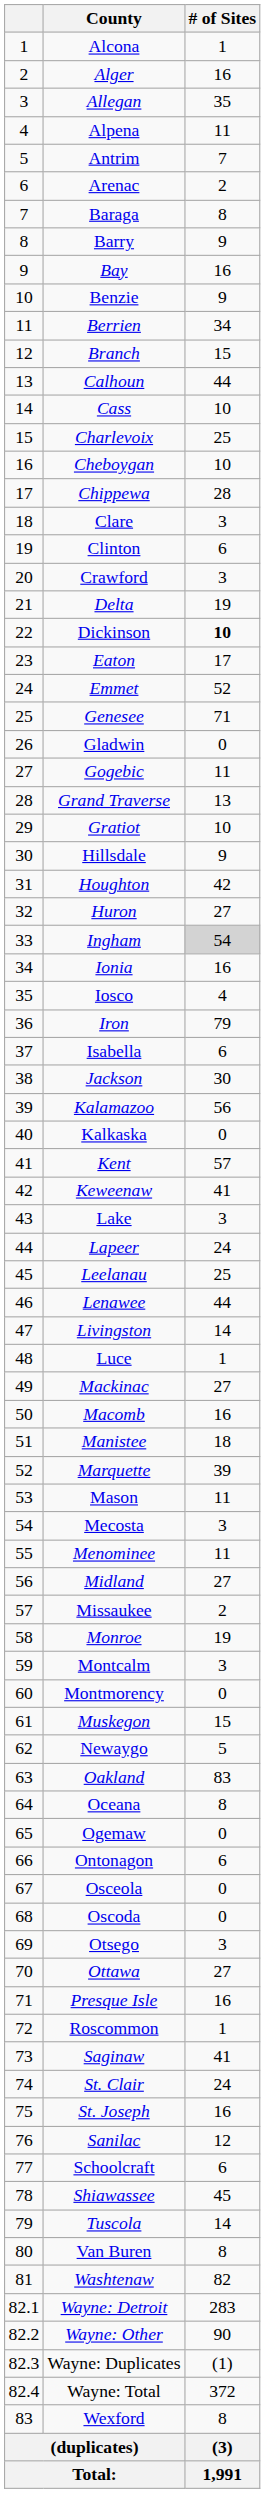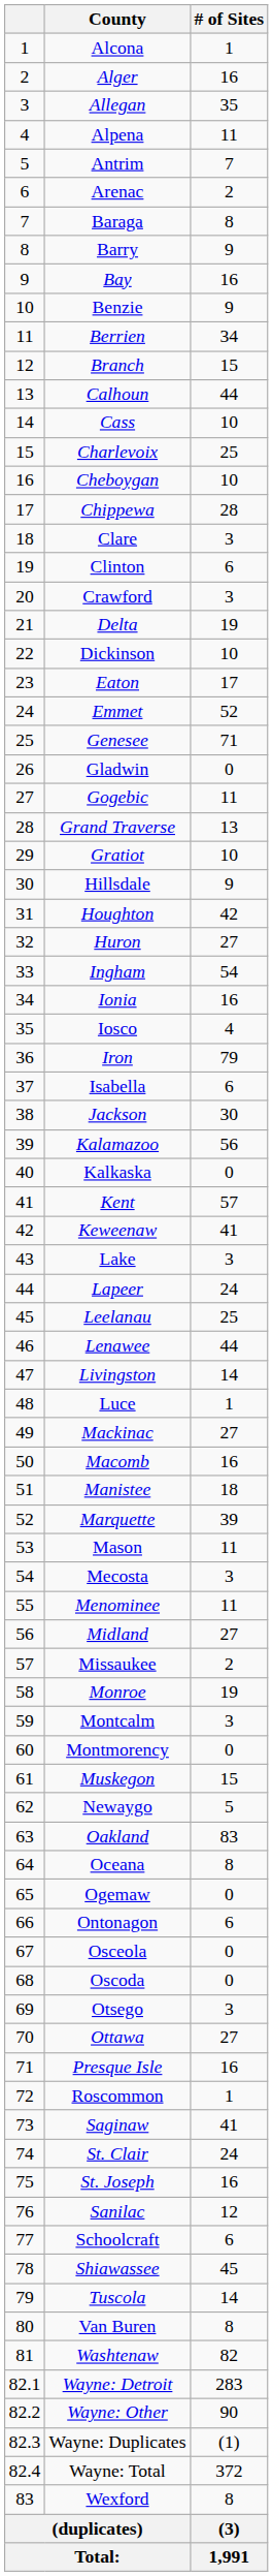 <table class="wikitable sortable" style="text-align: center">
 <tr>
 <th></th>
 <th>County</th>
 <th># of Sites</th>
 </tr>
 <tr ->
 <td>1</td>
 <td><a href='#'>Alcona</a></td>
 <td>1</td>
 </tr>
 <tr ->
 <td>2</td>
 <td><em><a href='#'>Alger</a></em></td>
 <td>16</td>
 </tr>
 <tr ->
 <td>3</td>
 <td><em><a href='#'>Allegan</a></em></td>
 <td>35</td>
 </tr>
 <tr ->
 <td>4</td>
 <td><a href='#'>Alpena</a></td>
 <td>11</td>
 </tr>
 <tr ->
 <td>5</td>
 <td><a href='#'>Antrim</a></td>
 <td>7</td>
 </tr>
 <tr ->
 <td>6</td>
 <td><a href='#'>Arenac</a></td>
 <td>2</td>
 </tr>
 <tr ->
 <td>7</td>
 <td><a href='#'>Baraga</a></td>
 <td>8</td>
 </tr>
 <tr ->
 <td>8</td>
 <td><a href='#'>Barry</a></td>
 <td>9</td>
 </tr>
 <tr ->
 <td>9</td>
 <td><em><a href='#'>Bay</a></em></td>
 <td>16</td>
 </tr>
 <tr ->
 <td>10</td>
 <td><a href='#'>Benzie</a></td>
 <td>9</td>
 </tr>
 <tr ->
 <td>11</td>
 <td><em><a href='#'>Berrien</a></em></td>
 <td>34</td>
 </tr>
 <tr ->
 <td>12</td>
 <td><em><a href='#'>Branch</a></em></td>
 <td>15</td>
 </tr>
 <tr ->
 <td>13</td>
 <td><em><a href='#'>Calhoun</a></em></td>
 <td>44</td>
 </tr>
 <tr ->
 <td>14</td>
 <td><em><a href='#'>Cass</a></em></td>
 <td>10</td>
 </tr>
 <tr ->
 <td>15</td>
 <td><em><a href='#'>Charlevoix</a></em></td>
 <td>25</td>
 </tr>
 <tr ->
 <td>16</td>
 <td><em><a href='#'>Cheboygan</a></em></td>
 <td>10</td>
 </tr>
 <tr ->
 <td>17</td>
 <td><em><a href='#'>Chippewa</a></em></td>
 <td>28</td>
 </tr>
 <tr ->
 <td>18</td>
 <td><a href='#'>Clare</a></td>
 <td>3</td>
 </tr>
 <tr ->
 <td>19</td>
 <td><a href='#'>Clinton</a></td>
 <td>6</td>
 </tr>
 <tr ->
 <td>20</td>
 <td><a href='#'>Crawford</a></td>
 <td>3</td>
 </tr>
 <tr ->
 <td>21</td>
 <td><em><a href='#'>Delta</a></em></td>
 <td>19</td>
 </tr>
 <tr ->
 <td>22</td>
 <td><a href='#'>Dickinson</a></td>
-<td><strong>10</strong></td>
+<td>10</td>
 </tr>
 <tr ->
 <td>23</td>
 <td><em><a href='#'>Eaton</a></em></td>
 <td>17</td>
 </tr>
 <tr ->
 <td>24</td>
 <td><em><a href='#'>Emmet</a></em></td>
 <td>52</td>
 </tr>
 <tr ->
 <td>25</td>
 <td><em><a href='#'>Genesee</a></em></td>
 <td>71</td>
 </tr>
 <tr ->
 <td>26</td>
 <td><a href='#'>Gladwin</a></td>
 <td>0</td>
 </tr>
 <tr ->
 <td>27</td>
 <td><em><a href='#'>Gogebic</a></em></td>
 <td>11</td>
 </tr>
 <tr ->
 <td>28</td>
 <td><em><a href='#'>Grand Traverse</a></em></td>
 <td>13</td>
 </tr>
 <tr ->
 <td>29</td>
 <td><em><a href='#'>Gratiot</a></em></td>
 <td>10</td>
 </tr>
 <tr ->
 <td>30</td>
 <td><a href='#'>Hillsdale</a></td>
 <td>9</td>
 </tr>
 <tr ->
 <td>31</td>
 <td><em><a href='#'>Houghton</a></em></td>
 <td>42</td>
 </tr>
 <tr ->
 <td>32</td>
 <td><em><a href='#'>Huron</a></em></td>
 <td>27</td>
 </tr>
 <tr ->
 <td>33</td>
 <td><em><a href='#'>Ingham</a></em></td>
-<td style="background: lightgrey;">54</td>
+<td>54</td>
 </tr>
 <tr ->
 <td>34</td>
 <td><em><a href='#'>Ionia</a></em></td>
 <td>16</td>
 </tr>
 <tr ->
 <td>35</td>
 <td><a href='#'>Iosco</a></td>
 <td>4</td>
 </tr>
 <tr ->
 <td>36</td>
 <td><em><a href='#'>Iron</a></em></td>
 <td>79</td>
 </tr>
 <tr ->
 <td>37</td>
 <td><a href='#'>Isabella</a></td>
 <td>6</td>
 </tr>
 <tr ->
 <td>38</td>
 <td><em><a href='#'>Jackson</a></em></td>
 <td>30</td>
 </tr>
 <tr ->
 <td>39</td>
 <td><em><a href='#'>Kalamazoo</a></em></td>
 <td>56</td>
 </tr>
 <tr ->
 <td>40</td>
 <td><a href='#'>Kalkaska</a></td>
 <td>0</td>
 </tr>
 <tr ->
 <td>41</td>
 <td><em><a href='#'>Kent</a></em></td>
 <td>57</td>
 </tr>
 <tr ->
 <td>42</td>
 <td><em><a href='#'>Keweenaw</a></em></td>
 <td>41</td>
 </tr>
 <tr ->
 <td>43</td>
 <td><a href='#'>Lake</a></td>
 <td>3</td>
 </tr>
 <tr ->
 <td>44</td>
 <td><em><a href='#'>Lapeer</a></em></td>
 <td>24</td>
 </tr>
 <tr ->
 <td>45</td>
 <td><em><a href='#'>Leelanau</a></em></td>
 <td>25</td>
 </tr>
 <tr ->
 <td>46</td>
 <td><em><a href='#'>Lenawee</a></em></td>
 <td>44</td>
 </tr>
 <tr ->
 <td>47</td>
 <td><em><a href='#'>Livingston</a></em></td>
 <td>14</td>
 </tr>
 <tr ->
 <td>48</td>
 <td><a href='#'>Luce</a></td>
 <td>1</td>
 </tr>
 <tr ->
 <td>49</td>
 <td><em><a href='#'>Mackinac</a></em></td>
 <td>27</td>
 </tr>
 <tr ->
 <td>50</td>
 <td><em><a href='#'>Macomb</a></em></td>
 <td>16</td>
 </tr>
 <tr ->
 <td>51</td>
 <td><em><a href='#'>Manistee</a></em></td>
 <td>18</td>
 </tr>
 <tr ->
 <td>52</td>
 <td><em><a href='#'>Marquette</a></em></td>
 <td>39</td>
 </tr>
 <tr ->
 <td>53</td>
 <td><a href='#'>Mason</a></td>
 <td>11</td>
 </tr>
 <tr ->
 <td>54</td>
 <td><a href='#'>Mecosta</a></td>
 <td>3</td>
 </tr>
 <tr ->
 <td>55</td>
 <td><em><a href='#'>Menominee</a></em></td>
 <td>11</td>
 </tr>
 <tr ->
 <td>56</td>
 <td><em><a href='#'>Midland</a></em></td>
 <td>27</td>
 </tr>
 <tr ->
 <td>57</td>
 <td><a href='#'>Missaukee</a></td>
 <td>2</td>
 </tr>
 <tr ->
 <td>58</td>
 <td><em><a href='#'>Monroe</a></em></td>
 <td>19</td>
 </tr>
 <tr ->
 <td>59</td>
 <td><a href='#'>Montcalm</a></td>
 <td>3</td>
 </tr>
 <tr ->
 <td>60</td>
 <td><a href='#'>Montmorency</a></td>
 <td>0</td>
 </tr>
 <tr ->
 <td>61</td>
 <td><em><a href='#'>Muskegon</a></em></td>
 <td>15</td>
 </tr>
 <tr ->
 <td>62</td>
 <td><a href='#'>Newaygo</a></td>
 <td>5</td>
 </tr>
 <tr ->
 <td>63</td>
 <td><em><a href='#'>Oakland</a></em></td>
 <td>83</td>
 </tr>
 <tr ->
 <td>64</td>
 <td><a href='#'>Oceana</a></td>
 <td>8</td>
 </tr>
 <tr ->
 <td>65</td>
 <td><a href='#'>Ogemaw</a></td>
 <td>0</td>
 </tr>
 <tr ->
 <td>66</td>
 <td><a href='#'>Ontonagon</a></td>
 <td>6</td>
 </tr>
 <tr ->
 <td>67</td>
 <td><a href='#'>Osceola</a></td>
 <td>0</td>
 </tr>
 <tr ->
 <td>68</td>
 <td><a href='#'>Oscoda</a></td>
 <td>0</td>
 </tr>
 <tr ->
 <td>69</td>
 <td><a href='#'>Otsego</a></td>
 <td>3</td>
 </tr>
 <tr ->
 <td>70</td>
 <td><em><a href='#'>Ottawa</a></em></td>
 <td>27</td>
 </tr>
 <tr ->
 <td>71</td>
 <td><em><a href='#'>Presque Isle</a></em></td>
 <td>16</td>
 </tr>
 <tr ->
 <td>72</td>
 <td><a href='#'>Roscommon</a></td>
 <td>1</td>
 </tr>
 <tr ->
 <td>73</td>
 <td><em><a href='#'>Saginaw</a></em></td>
 <td>41</td>
 </tr>
 <tr ->
 <td>74</td>
 <td><em><a href='#'>St. Clair</a></em></td>
 <td>24</td>
 </tr>
 <tr ->
 <td>75</td>
 <td><em><a href='#'>St. Joseph</a></em></td>
 <td>16</td>
 </tr>
 <tr ->
 <td>76</td>
 <td><em><a href='#'>Sanilac</a></em></td>
 <td>12</td>
 </tr>
 <tr ->
 <td>77</td>
 <td><a href='#'>Schoolcraft</a></td>
 <td>6</td>
 </tr>
 <tr ->
 <td>78</td>
 <td><em><a href='#'>Shiawassee</a></em></td>
 <td>45</td>
 </tr>
 <tr ->
 <td>79</td>
 <td><em><a href='#'>Tuscola</a></em></td>
 <td>14</td>
 </tr>
 <tr ->
 <td>80</td>
 <td><a href='#'>Van Buren</a></td>
 <td>8</td>
 </tr>
 <tr ->
 <td>81</td>
 <td><em><a href='#'>Washtenaw</a></em></td>
 <td>82</td>
 </tr>
 <tr ->
 <td>82.1</td>
 <td><em><a href='#'>Wayne: Detroit</a></em></td>
 <td>283</td>
 </tr>
 <tr ->
 <td>82.2</td>
 <td><em><a href='#'>Wayne: Other</a></em></td>
 <td>90</td>
 </tr>
 <tr ->
 <td>82.3</td>
 <td>Wayne: Duplicates</td>
 <td>(1)</td>
 </tr>
 <tr ->
 <td>82.4</td>
 <td>Wayne: Total</td>
 <td>372</td>
 </tr>
 <tr ->
 <td>83</td>
 <td><a href='#'>Wexford</a></td>
 <td>8</td>
 </tr>
 <tr class="sortbottom">
 <th colspan="2">(duplicates)</th>
 <th>(3)</th>
 </tr>
 <tr class="sortbottom">
 <th colspan="2">Total:</th>
 <th>1,991</th>
 </tr>
 </table>
